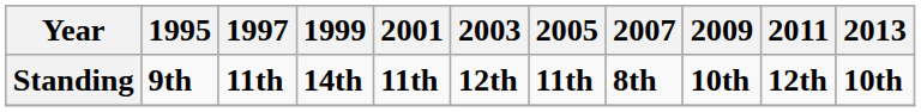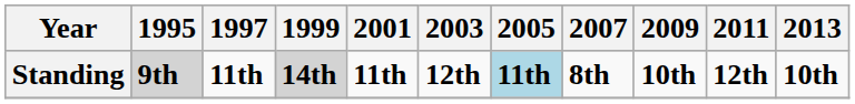 <table class="wikitable">
 <tr>
 <th>Year</th>
 <th>1995</th>
 <th>1997</th>
 <th>1999</th>
 <th>2001</th>
 <th>2003</th>
 <th>2005</th>
 <th>2007</th>
 <th>2009</th>
 <th>2011</th>
 <th>2013</th>
 </tr>
 <tr>
 <th>Standing</th>
-<td><strong>9th</strong></td>
+<td style="background: lightgrey;"><strong>9th</strong></td>
 <td><strong>11th</strong></td>
-<td><strong>14th</strong></td>
+<td style="background: lightgrey;"><strong>14th</strong></td>
 <td><strong>11th</strong></td>
 <td><strong>12th</strong></td>
-<td><strong>11th</strong></td>
+<td style="background: lightblue;"><strong>11th</strong></td>
 <td><strong>8th</strong></td>
 <td><strong>10th</strong></td>
 <td><strong>12th</strong></td>
 <td><strong>10th</strong></td>
 </tr>
 <tr>
 </tr>
 </table>
